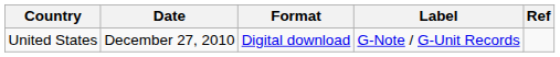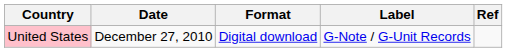 <table class="wikitable">
 <tr>
 <th>Country</th>
 <th>Date</th>
 <th>Format</th>
 <th>Label</th>
 <th>Ref</th>
 </tr>
 <tr>
-<td>United States</td>
+<td style="background: pink;">United States</td>
 <td rowspan="2">December 27, 2010</td>
 <td rowspan="2"><a href='#'>Digital download</a></td>
 <td rowspan="2"><a href='#'>G-Note</a> / <a href='#'>G-Unit Records</a></td>
 <td></td>
 </tr>
 </table>
